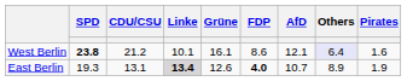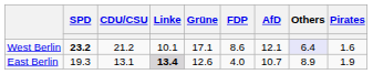 <table class="wikitable sortable" style="text-align: center; font-size: 90%; line-height: 14px;">
 <tr style="height: 40px;">
 <th rowspan="2"></th>
 <th style="width: 40px;"><a href='#'>SPD</a></th>
 <th style="width: 40px;"><a href='#'>CDU/CSU</a></th>
 <th style="width: 40px;"><a href='#'>Linke</a></th>
 <th style="width: 40px;"><a href='#'>Grüne</a></th>
 <th style="width: 40px;"><a href='#'>FDP</a></th>
 <th style="width: 40px;"><a href='#'>AfD</a></th>
 <th style="width: 40px;">Others</th>
 <th style="width: 40px;"><a href='#'>Pirates</a></th>
 </tr>
 <tr>
 <th style="background:"></th>
 <th style="background:"></th>
 <th style="background:"></th>
 <th style="background:"></th>
 <th style="background:"></th>
 <th style="background:"></th>
 <th style="background:"></th>
 <th style="background:"></th>
 </tr>
 <tr>
 <td style="text-align: left;"><a href='#'>West Berlin</a></td>
-<td><strong>23.8 </strong></td>
+<td><strong>23.2 </strong></td>
 <td>21.2</td>
 <td>10.1</td>
-<td>16.1</td>
+<td>17.1</td>
 <td>8.6</td>
 <td>12.1</td>
 <td style="background: lavender;">6.4</td>
 <td>1.6</td>
 </tr>
 <tr>
 <td style="text-align: left;"><a href='#'>East Berlin</a></td>
 <td>19.3</td>
 <td>13.1</td>
 <td style="background: #D7D5D7;"><strong>13.4</strong></td>
 <td>12.6</td>
-<td><strong>4.0</strong></td>
+<td>4.0</td>
 <td>10.7</td>
 <td>8.9</td>
 <td>1.9</td>
 </tr>
 </table>
